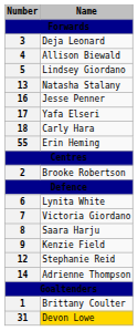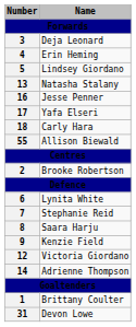 <table class="wikitable" style="text-align:left; font-size:90%;">
 <tr>
 <th width=10 style="background:silver;">Number</th>
 <th style="background:silver;">Name</th>
 </tr>
 <tr>
 <th style=background:DarkBlue colspan=4><span>Forwards</span></th>
 </tr>
 <tr>
 <th>3</th>
 <td>Deja Leonard</td>
 </tr>
 <tr>
 <th>4</th>
-<td>Allison Biewald</td>
+<td>Erin Heming</td>
 </tr>
 <tr>
 <th>5</th>
 <td>Lindsey Giordano</td>
 </tr>
 <tr>
 <th>13</th>
 <td>Natasha Stalany</td>
 </tr>
 <tr>
 <th>16</th>
 <td>Jesse Penner</td>
 </tr>
 <tr>
 <th>17</th>
 <td>Yafa Elseri</td>
 </tr>
 <tr>
 <th>18</th>
 <td>Carly Hara</td>
 </tr>
 <tr>
 <th>55</th>
-<td>Erin Heming</td>
+<td>Allison Biewald</td>
 </tr>
 <tr>
 <th style=background:DarkBlue colspan=4><span>Centres</span></th>
 </tr>
 <tr>
 <th>2</th>
 <td>Brooke Robertson</td>
 </tr>
 <tr>
 <th style=background:DarkBlue colspan=4><span>Defence</span></th>
 </tr>
 <tr>
 <th>6</th>
 <td>Lynita White</td>
 </tr>
 <tr>
 <th>7</th>
-<td>Victoria Giordano</td>
+<td>Stephanie Reid</td>
 </tr>
 <tr>
 <th>8</th>
 <td>Saara Harju</td>
 </tr>
 <tr>
 <th>9</th>
 <td>Kenzie Field</td>
 </tr>
 <tr>
 <th>12</th>
-<td>Stephanie Reid</td>
+<td>Victoria Giordano</td>
 </tr>
 <tr>
 <th>14</th>
 <td>Adrienne Thompson</td>
 </tr>
 <tr>
 <th style=background:DarkBlue colspan=4><span>Goaltenders</span></th>
 </tr>
 <tr>
 <th>1</th>
 <td>Brittany Coulter</td>
 </tr>
 <tr>
 <th>31</th>
-<td style="background: gold;">Devon Lowe</td>
+<td>Devon Lowe</td>
 </tr>
 </table>
